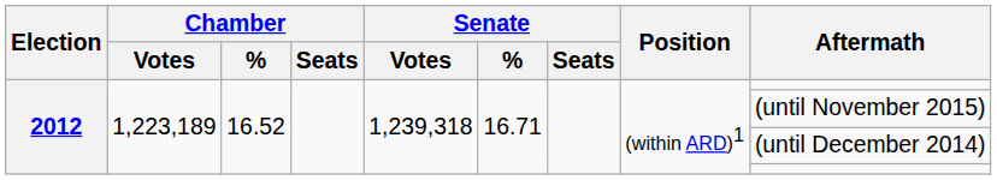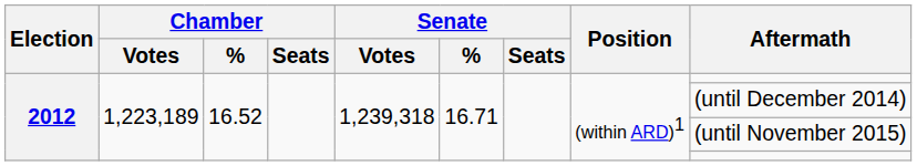 <table class="wikitable" style="text-align: right;">
 <tr>
 <th rowspan="2">Election</th>
 <th colspan="3"><a href='#'>Chamber</a></th>
 <th colspan="3"><a href='#'>Senate</a></th>
 <th rowspan="2">Position</th>
 <th rowspan="2">Aftermath</th>
 </tr>
 <tr>
 <th>Votes</th>
 <th>%</th>
 <th>Seats</th>
 <th>Votes</th>
 <th>%</th>
 <th>Seats</th>
 </tr>
 <tr>
 <th rowspan=4><a href='#'>2012</a></th>
 <td rowspan=4>1,223,189</td>
 <td rowspan=4>16.52</td>
 <td rowspan=4></td>
 <td rowspan=4>1,239,318</td>
 <td rowspan=4>16.71</td>
 <td rowspan=4></td>
 <td rowspan=4; style="text-align: center;"><br><small>(within <a href='#'>ARD</a>)</small><sup>1</sup></td>
 <td></td>
 </tr>
 <tr>
-<td> (until November 2015)</td>
+<td> (until December 2014)</td>
 </tr>
 <tr>
-<td> (until December 2014)</td>
+<td> (until November 2015)</td>
 </tr>
 <tr>
 <td></td>
 </tr>
 </table>
